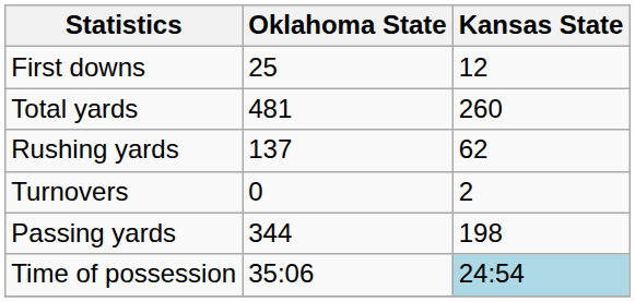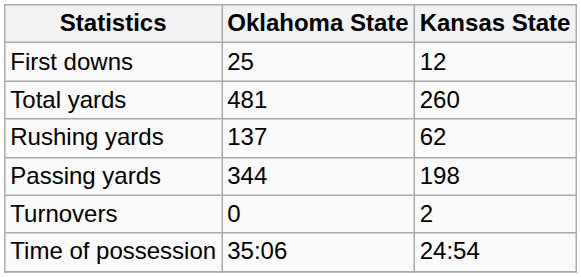 <table class="wikitable" style="float: left;">
 <tr>
 <th>Statistics</th>
 <th>Oklahoma State</th>
 <th>Kansas State</th>
 </tr>
 <tr>
 <td>First downs</td>
 <td>25</td>
 <td>12</td>
 </tr>
 <tr>
 <td>Total yards</td>
 <td>481</td>
 <td>260</td>
 </tr>
 <tr>
 <td>Rushing yards</td>
 <td>137</td>
 <td>62</td>
 </tr>
 <tr>
+<td>Passing yards</td>
+<td>344</td>
+<td>198</td>
+</tr>
+<tr>
 <td>Turnovers</td>
 <td>0</td>
 <td>2</td>
 </tr>
 <tr>
-<td>Passing yards</td>
-<td>344</td>
-<td>198</td>
-</tr>
-<tr>
 <td>Time of possession</td>
 <td>35:06</td>
-<td style="background: lightblue;">24:54</td>
+<td>24:54</td>
 </tr>
 <tr>
 </tr>
 </table>
